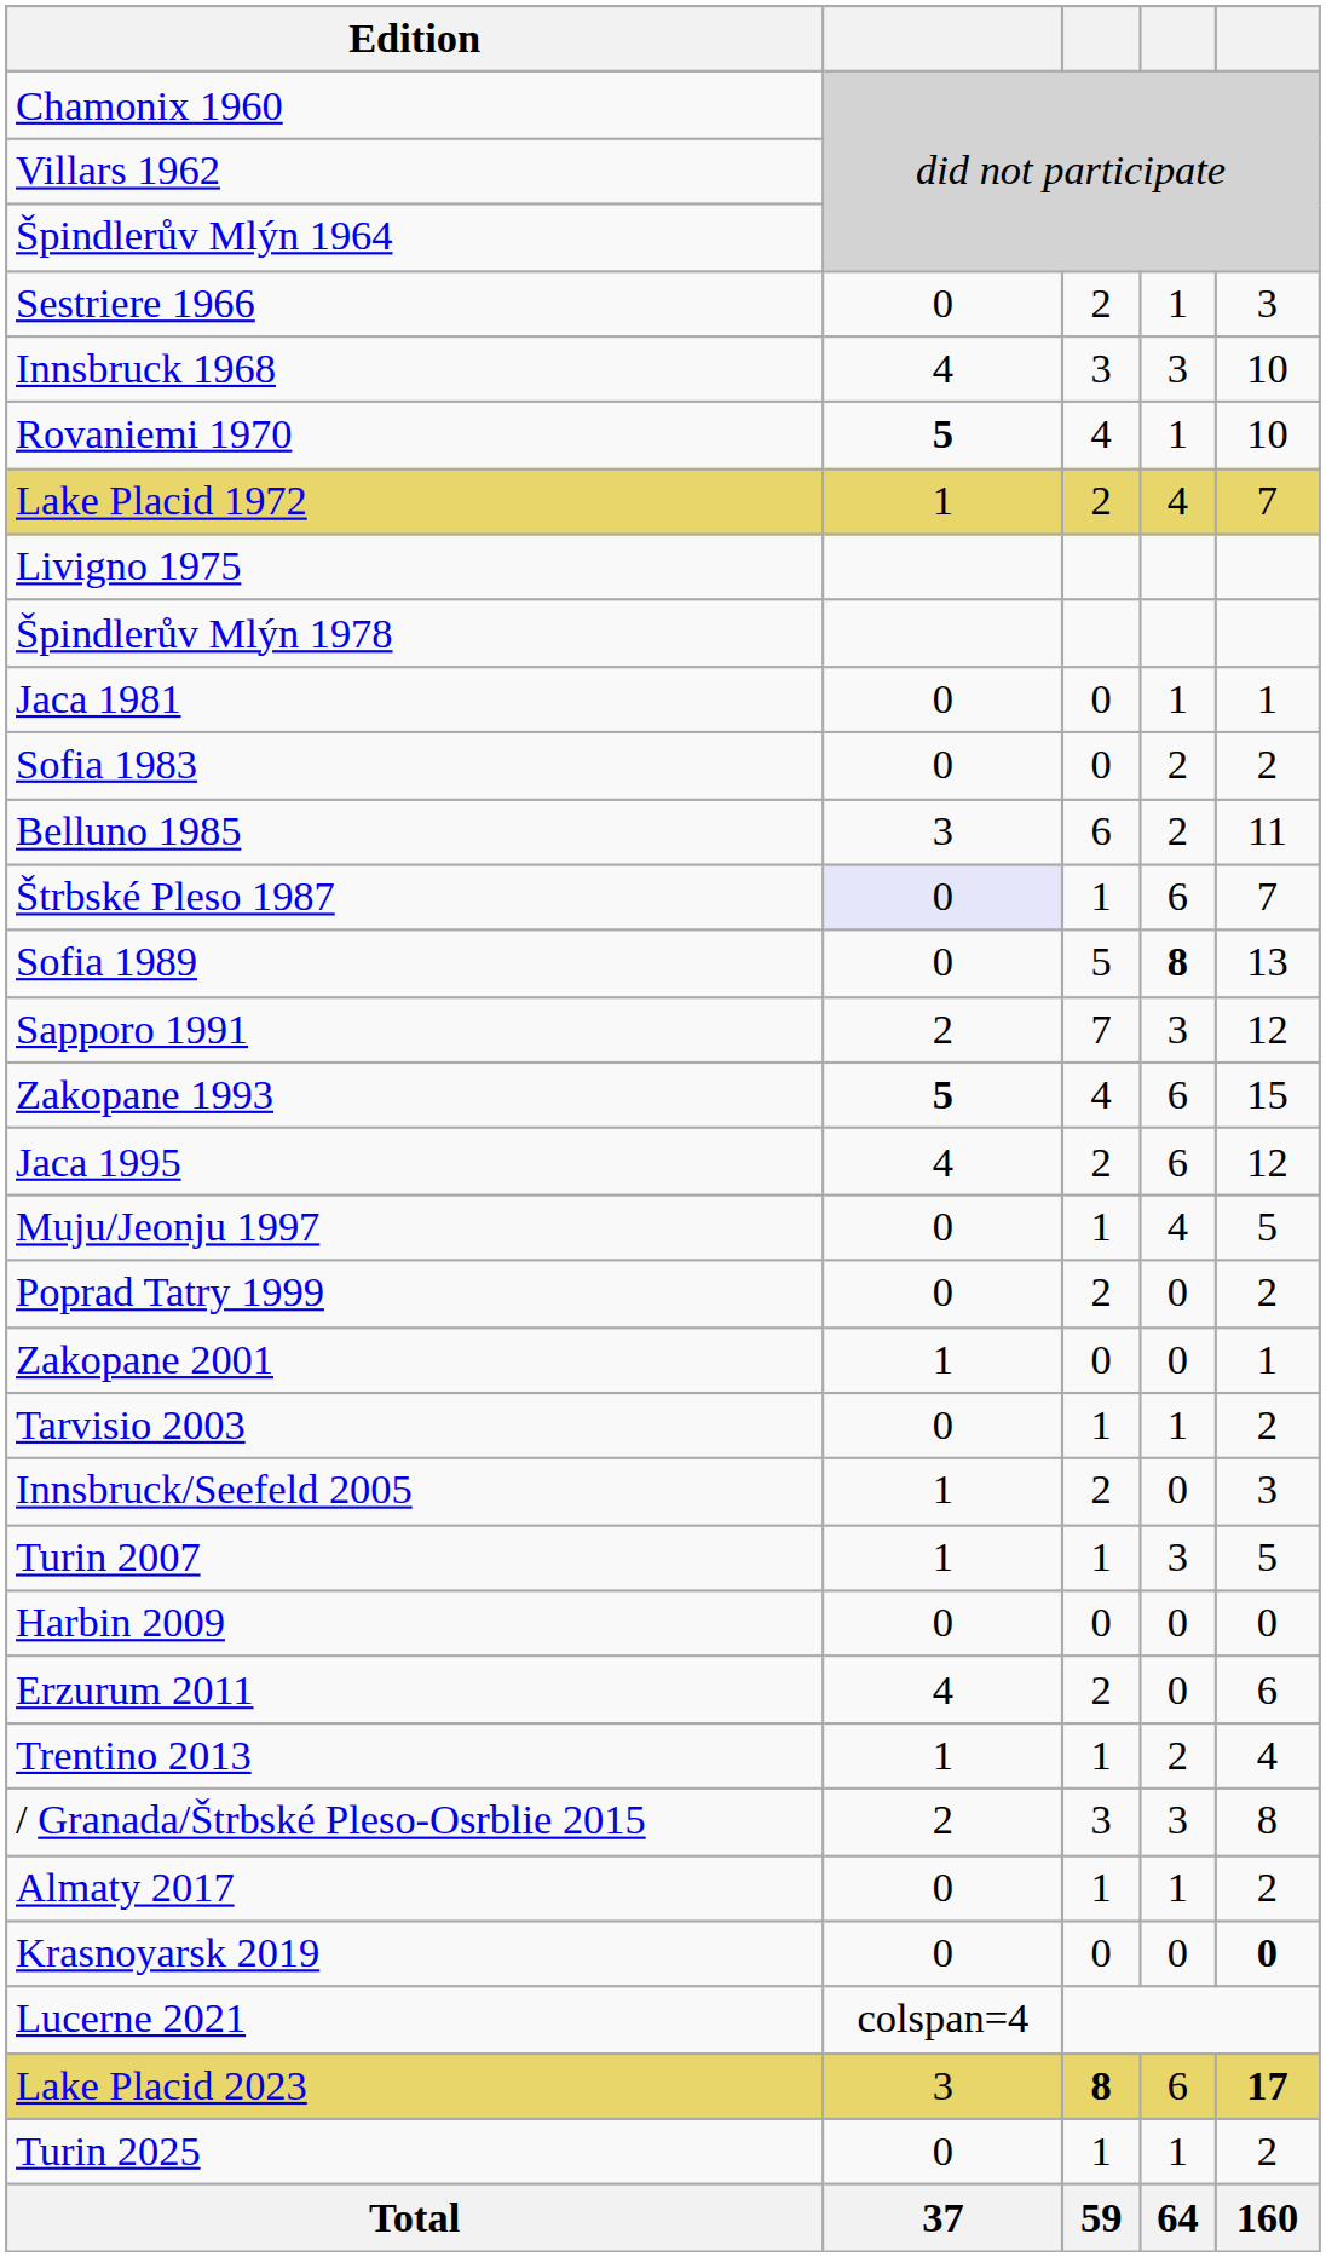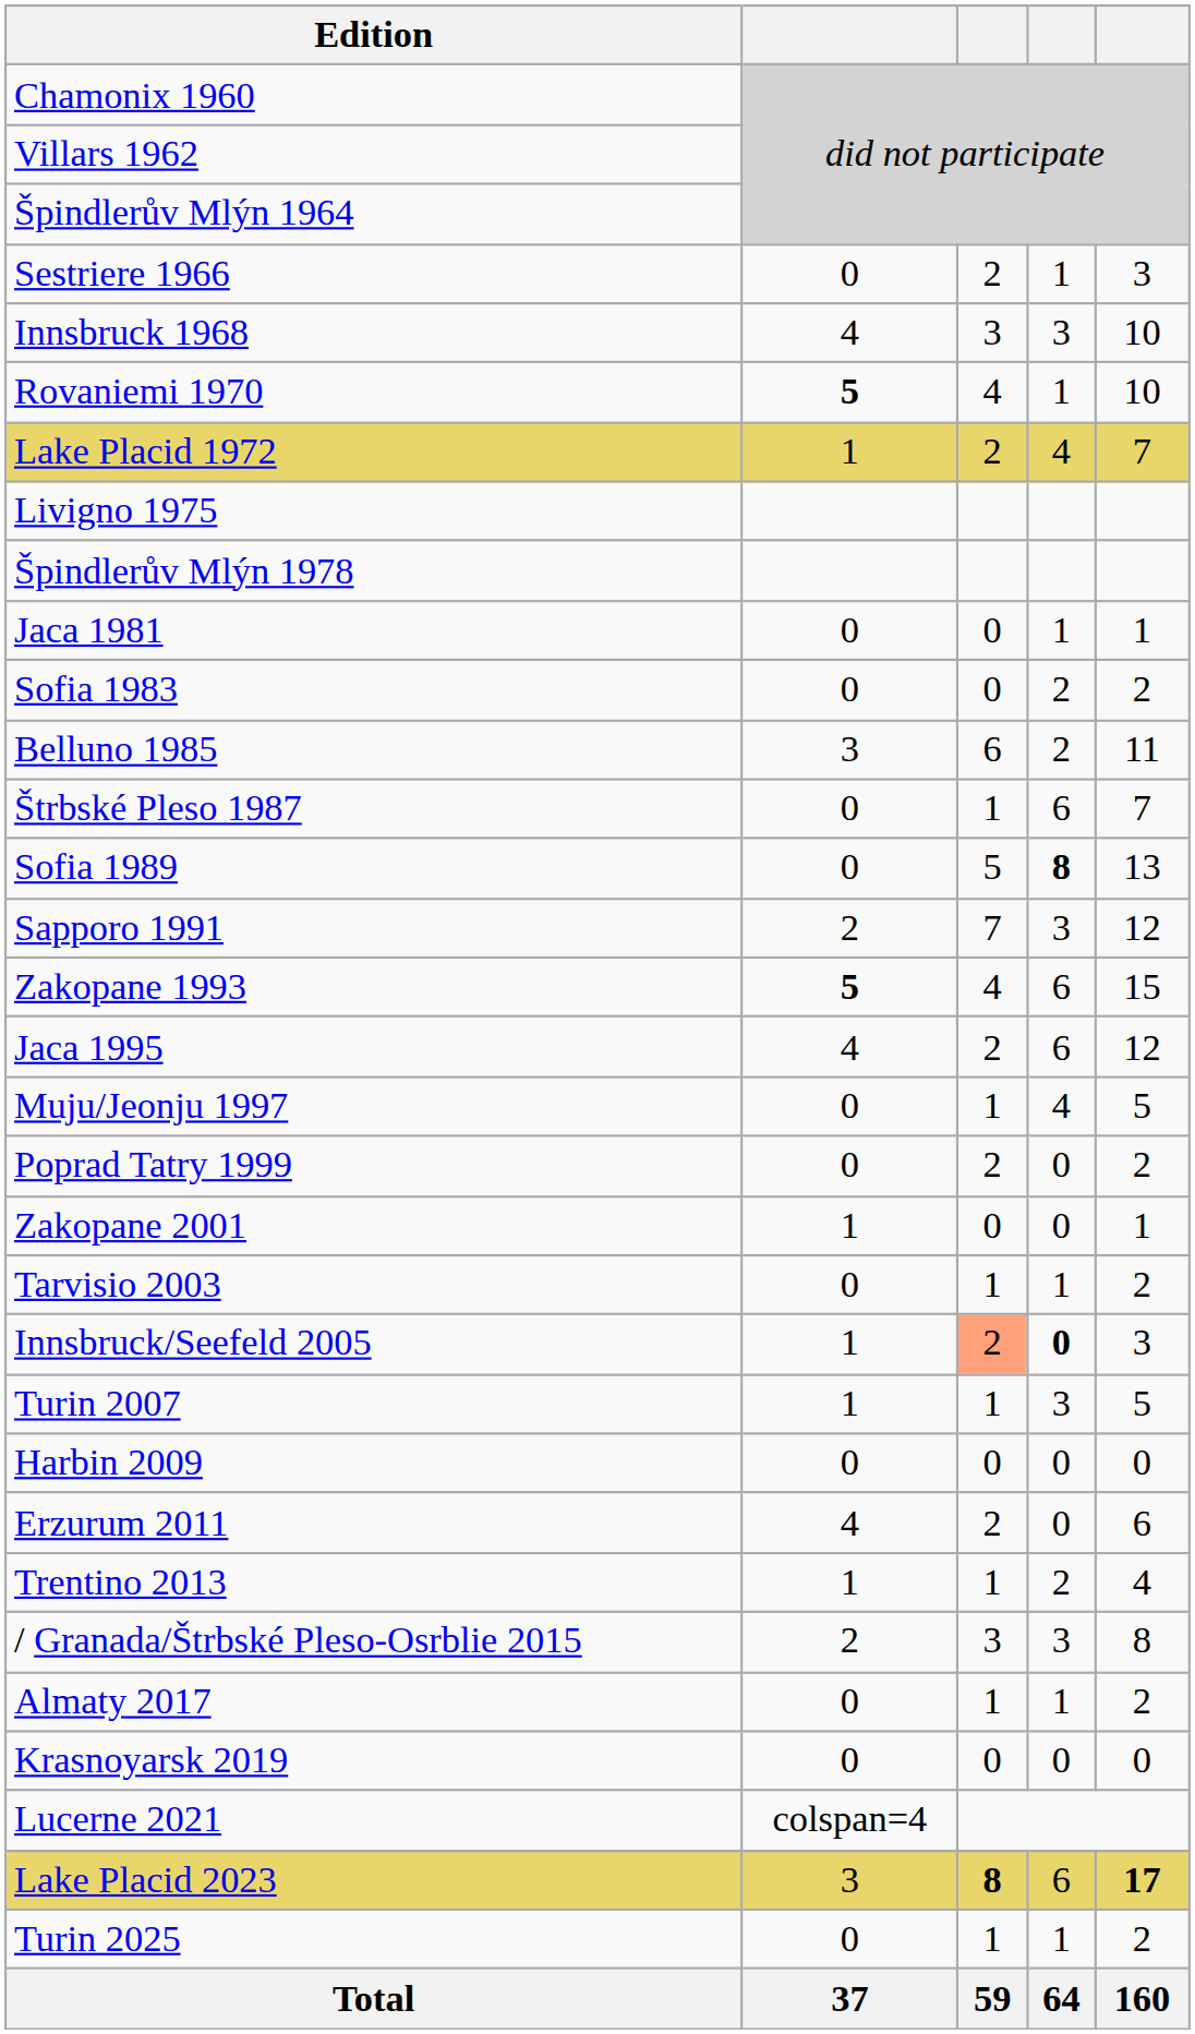 <table class="wikitable" width=40% style="font-size:100%; text-align:center;">
 <tr>
 <th>Edition</th>
 <th></th>
 <th></th>
 <th></th>
 <th></th>
 </tr>
 <tr>
 <td align=left> <a href='#'>Chamonix 1960</a></td>
 <td rowspan=3 colspan=4 bgcolor=lightgrey><em>did not participate</em></td>
 </tr>
 <tr>
 <td align=left> <a href='#'>Villars 1962</a></td>
 </tr>
 <tr>
 <td align=left> <a href='#'>Špindlerův Mlýn 1964</a></td>
 </tr>
 <tr>
 <td align=left> <a href='#'>Sestriere 1966</a></td>
 <td>0</td>
 <td>2</td>
 <td>1</td>
 <td>3</td>
 </tr>
 <tr>
 <td align=left> <a href='#'>Innsbruck 1968</a></td>
 <td>4</td>
 <td>3</td>
 <td>3</td>
 <td>10</td>
 </tr>
 <tr>
 <td align=left> <a href='#'>Rovaniemi 1970</a></td>
 <td><strong>5</strong></td>
 <td>4</td>
 <td>1</td>
 <td>10</td>
 </tr>
 <tr bgcolor=#E9D66B>
 <td align=left> <a href='#'>Lake Placid 1972</a></td>
 <td>1</td>
 <td>2</td>
 <td>4</td>
 <td>7</td>
 </tr>
 <tr>
 <td align=left> <a href='#'>Livigno 1975</a></td>
 <td></td>
 <td></td>
 <td></td>
 <td></td>
 </tr>
 <tr>
 <td align=left> <a href='#'>Špindlerův Mlýn 1978</a></td>
 <td></td>
 <td></td>
 <td></td>
 <td></td>
 </tr>
 <tr>
 <td align=left> <a href='#'>Jaca 1981</a></td>
 <td>0</td>
 <td>0</td>
 <td>1</td>
 <td>1</td>
 </tr>
 <tr>
 <td align=left> <a href='#'>Sofia 1983</a></td>
 <td>0</td>
 <td>0</td>
 <td>2</td>
 <td>2</td>
 </tr>
 <tr>
 <td align=left> <a href='#'>Belluno 1985</a></td>
 <td>3</td>
 <td>6</td>
 <td>2</td>
 <td>11</td>
 </tr>
 <tr>
 <td align=left> <a href='#'>Štrbské Pleso 1987</a></td>
-<td style="background: lavender;">0</td>
+<td>0</td>
 <td>1</td>
 <td>6</td>
 <td>7</td>
 </tr>
 <tr>
 <td align=left> <a href='#'>Sofia 1989</a></td>
 <td>0</td>
 <td>5</td>
 <td><strong>8</strong></td>
 <td>13</td>
 </tr>
 <tr>
 <td align=left> <a href='#'>Sapporo 1991</a></td>
 <td>2</td>
 <td>7</td>
 <td>3</td>
 <td>12</td>
 </tr>
 <tr>
 <td align=left> <a href='#'>Zakopane 1993</a></td>
 <td><strong>5</strong></td>
 <td>4</td>
 <td>6</td>
 <td>15</td>
 </tr>
 <tr>
 <td align=left> <a href='#'>Jaca 1995</a></td>
 <td>4</td>
 <td>2</td>
 <td>6</td>
 <td>12</td>
 </tr>
 <tr>
 <td align=left> <a href='#'>Muju/Jeonju 1997</a></td>
 <td>0</td>
 <td>1</td>
 <td>4</td>
 <td>5</td>
 </tr>
 <tr>
 <td align=left> <a href='#'>Poprad Tatry 1999</a></td>
 <td>0</td>
 <td>2</td>
 <td>0</td>
 <td>2</td>
 </tr>
 <tr>
 <td align=left> <a href='#'>Zakopane 2001</a></td>
 <td>1</td>
 <td>0</td>
 <td>0</td>
 <td>1</td>
 </tr>
 <tr>
 <td align=left> <a href='#'>Tarvisio 2003</a></td>
 <td>0</td>
 <td>1</td>
 <td>1</td>
 <td>2</td>
 </tr>
 <tr>
 <td align=left> <a href='#'>Innsbruck/Seefeld 2005</a></td>
 <td>1</td>
-<td>2</td>
-<td>0</td>
+<td style="background: lightsalmon;">2</td>
+<td><strong>0</strong></td>
 <td>3</td>
 </tr>
 <tr>
 <td align=left> <a href='#'>Turin 2007</a></td>
 <td>1</td>
 <td>1</td>
 <td>3</td>
 <td>5</td>
 </tr>
 <tr>
 <td align=left> <a href='#'>Harbin 2009</a></td>
 <td>0</td>
 <td>0</td>
 <td>0</td>
 <td>0</td>
 </tr>
 <tr>
 <td align=left> <a href='#'>Erzurum 2011</a></td>
 <td>4</td>
 <td>2</td>
 <td>0</td>
 <td>6</td>
 </tr>
 <tr>
 <td align=left> <a href='#'>Trentino 2013</a></td>
 <td>1</td>
 <td>1</td>
 <td>2</td>
 <td>4</td>
 </tr>
 <tr>
 <td align=left>/ <a href='#'>Granada/Štrbské Pleso-Osrblie 2015</a></td>
 <td>2</td>
 <td>3</td>
 <td>3</td>
 <td>8</td>
 </tr>
 <tr>
 <td align=left> <a href='#'>Almaty 2017</a></td>
 <td>0</td>
 <td>1</td>
 <td>1</td>
 <td>2</td>
 </tr>
 <tr>
 <td align=left> <a href='#'>Krasnoyarsk 2019</a></td>
 <td>0</td>
 <td>0</td>
 <td>0</td>
-<td><strong>0</strong></td>
+<td>0</td>
 </tr>
 <tr>
 <td align=left> <a href='#'>Lucerne 2021</a></td>
 <td>colspan=4 </td>
 </tr>
 <tr bgcolor=#E9D66B>
 <td align=left> <a href='#'>Lake Placid 2023</a></td>
 <td>3</td>
 <td><strong>8</strong></td>
 <td>6</td>
 <td><strong>17</strong></td>
 </tr>
 <tr>
 <td align=left> <a href='#'>Turin 2025</a></td>
 <td>0</td>
 <td>1</td>
 <td>1</td>
 <td>2</td>
 </tr>
 <tr>
 <th align-right>Total</th>
 <th>37</th>
 <th>59</th>
 <th>64</th>
 <th>160</th>
 </tr>
 </table>
